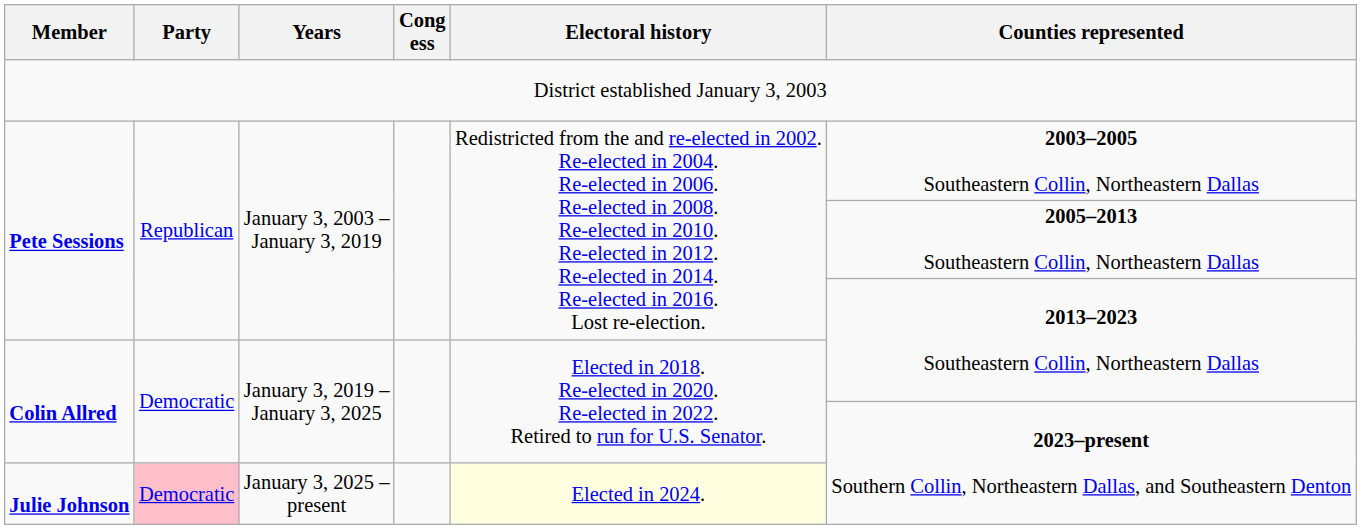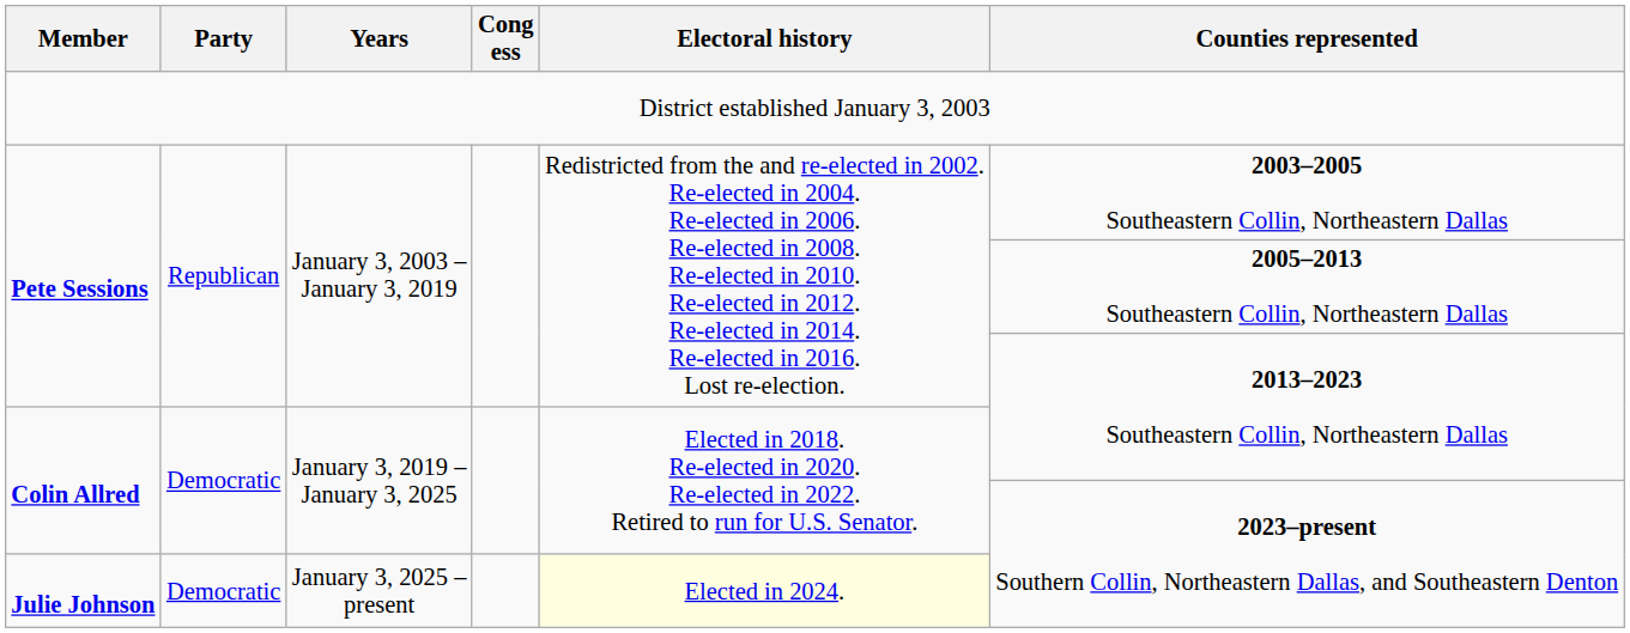 <table class=wikitable style="text-align:center">
 <tr>
 <th>Member</th>
 <th>Party</th>
 <th>Years</th>
 <th>Cong<br>ess</th>
 <th>Electoral history</th>
 <th>Counties represented</th>
 </tr>
 <tr style="height:3em">
 <td colspan=6>District established January 3, 2003</td>
 </tr>
 <tr style="height:3em">
 <td rowspan=3 align=left><br><strong><a href='#'>Pete Sessions</a></strong><br></td>
 <td rowspan=3 ><a href='#'>Republican</a></td>
 <td rowspan=3 nowrap>January 3, 2003 –<br>January 3, 2019</td>
 <td rowspan=3></td>
 <td rowspan=3>Redistricted from the  and <a href='#'>re-elected in 2002</a>.<br><a href='#'>Re-elected in 2004</a>.<br><a href='#'>Re-elected in 2006</a>.<br><a href='#'>Re-elected in 2008</a>.<br><a href='#'>Re-elected in 2010</a>.<br><a href='#'>Re-elected in 2012</a>.<br><a href='#'>Re-elected in 2014</a>.<br><a href='#'>Re-elected in 2016</a>.<br>Lost re-election.</td>
 <td><strong>2003–2005</strong><br><br>Southeastern <a href='#'>Collin</a>, Northeastern <a href='#'>Dallas</a></td>
 </tr>
 <tr style="height:3em">
 <td><strong>2005–2013</strong><br><br>Southeastern <a href='#'>Collin</a>, Northeastern <a href='#'>Dallas</a></td>
 </tr>
 <tr style="height:3em">
 <td rowspan=2><strong>2013–2023</strong><br><br>Southeastern <a href='#'>Collin</a>, Northeastern <a href='#'>Dallas</a></td>
 </tr>
 <tr style="height:3em">
 <td rowspan=2 align=left><br><strong><a href='#'>Colin Allred</a></strong><br></td>
 <td rowspan=2 ><a href='#'>Democratic</a></td>
 <td rowspan=2 nowrap>January 3, 2019 –<br>January 3, 2025</td>
 <td rowspan=2></td>
 <td rowspan=2><a href='#'>Elected in 2018</a>.<br><a href='#'>Re-elected in 2020</a>.<br><a href='#'>Re-elected in 2022</a>.<br>Retired to <a href='#'>run for U.S. Senator</a>.</td>
 </tr>
 <tr style="height:3em">
 <td rowspan=2><strong>2023–present</strong><br><br>Southern <a href='#'>Collin</a>, Northeastern <a href='#'>Dallas</a>, and Southeastern <a href='#'>Denton</a></td>
 </tr>
 <tr style="height:3em">
 <td align=left><br><strong><a href='#'>Julie Johnson</a></strong><br></td>
-<td style="background: pink;"><a href='#'>Democratic</a></td>
+<td><a href='#'>Democratic</a></td>
 <td nowrap>January 3, 2025 –<br>present</td>
 <td></td>
 <td style="background: lightyellow;"><a href='#'>Elected in 2024</a>.</td>
 </tr>
 </table>
